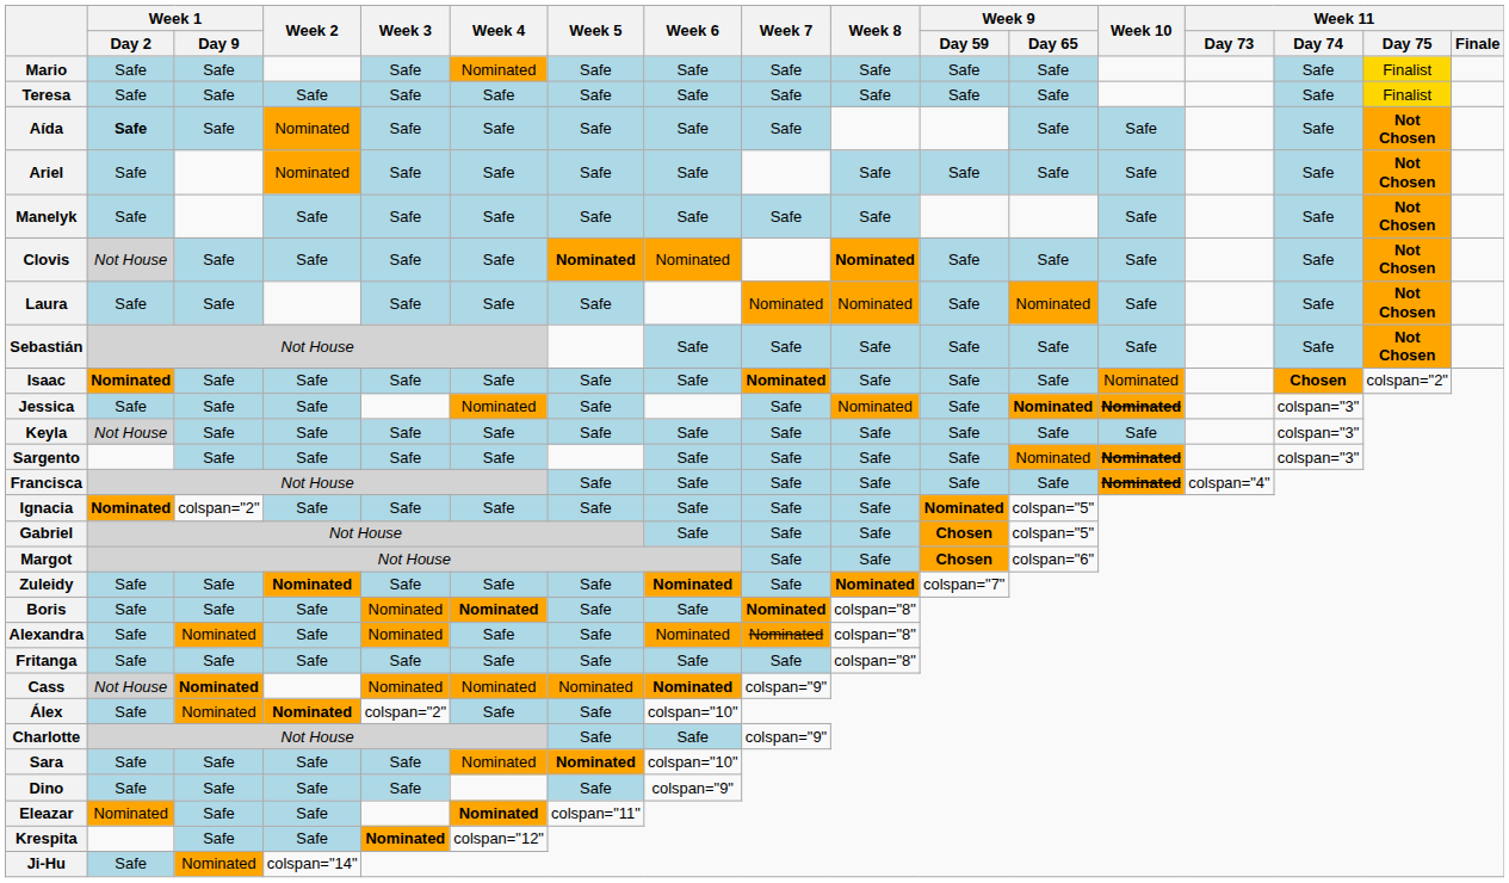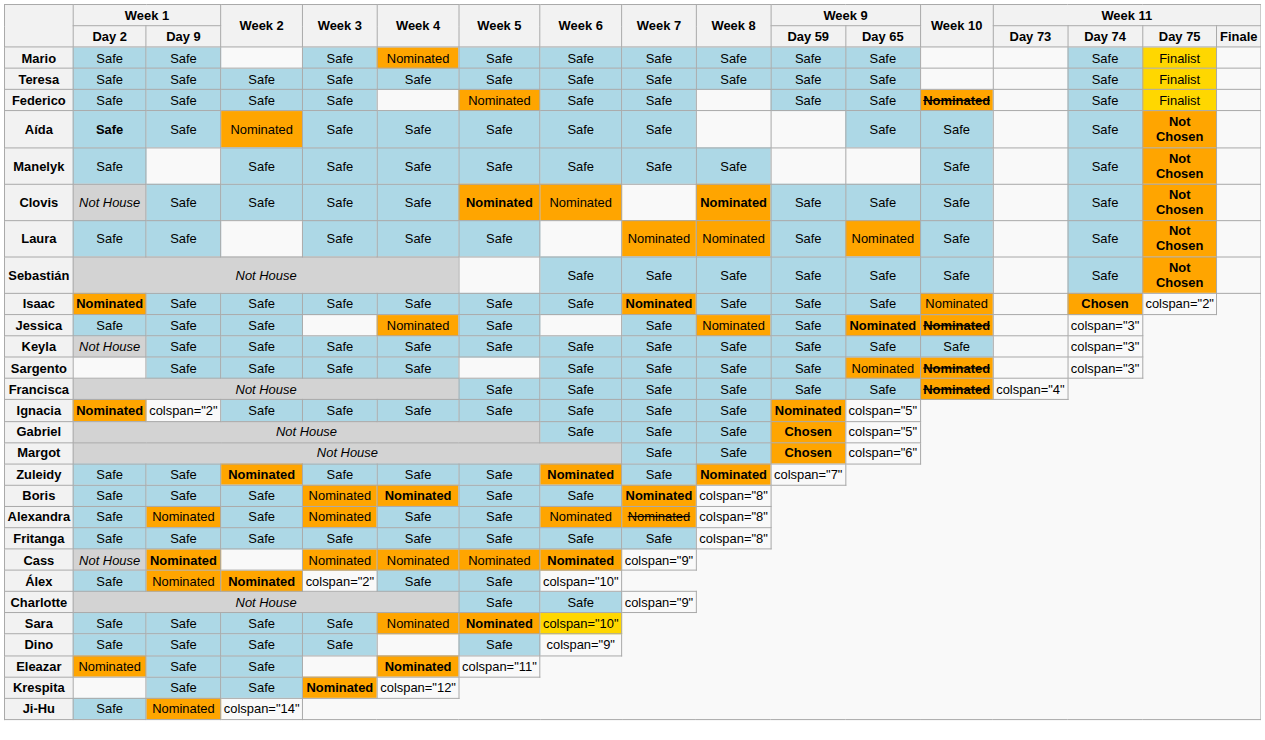 <table class="wikitable" style="text-align:center; font-size:80%; align:left;">
 <tr>
 <th rowspan="2"></th>
 <th colspan="2">Week 1</th>
 <th rowspan="2">Week 2</th>
 <th rowspan="2">Week 3</th>
 <th rowspan="2">Week 4</th>
 <th rowspan="2">Week 5</th>
 <th rowspan="2">Week 6</th>
 <th rowspan="2">Week 7</th>
 <th rowspan="2">Week 8</th>
 <th colspan="2">Week 9</th>
 <th rowspan="2">Week 10</th>
 <th colspan="4">Week 11</th>
 </tr>
 <tr>
 <th>Day 2</th>
 <th>Day 9</th>
 <th>Day 59</th>
 <th>Day 65</th>
 <th>Day 73</th>
 <th>Day 74</th>
 <th>Day 75</th>
 <th>Finale</th>
 </tr>
 <tr>
 <th>Mario</th>
 <td style="background: lightblue">Safe</td>
 <td style="background: lightblue">Safe</td>
 <td></td>
 <td style="background: lightblue">Safe</td>
 <td style="background: Orange">Nominated</td>
 <td style="background: lightblue">Safe</td>
 <td style="background: lightblue">Safe</td>
 <td style="background: lightblue">Safe</td>
 <td style="background: lightblue">Safe</td>
 <td style="background: lightblue">Safe</td>
 <td style="background: lightblue">Safe</td>
 <td></td>
 <td></td>
 <td style="background: lightblue">Safe</td>
 <td style="background: gold">Finalist</td>
 <td></td>
 </tr>
 <tr>
 <th>Teresa</th>
 <td style="background: lightblue">Safe</td>
 <td style="background: lightblue">Safe</td>
 <td style="background: lightblue">Safe</td>
 <td style="background: lightblue">Safe</td>
 <td style="background: lightblue">Safe</td>
 <td style="background: lightblue">Safe</td>
 <td style="background: lightblue">Safe</td>
 <td style="background: lightblue">Safe</td>
 <td style="background: lightblue">Safe</td>
 <td style="background: lightblue">Safe</td>
 <td style="background: lightblue">Safe</td>
 <td></td>
 <td></td>
 <td style="background: lightblue">Safe</td>
 <td style="background: gold">Finalist</td>
 <td></td>
 </tr>
 <tr>
+<th>Federico</th>
+<td style="background: lightblue">Safe</td>
+<td style="background: lightblue">Safe</td>
+<td style="background: lightblue">Safe</td>
+<td style="background: lightblue">Safe</td>
+<td></td>
+<td style="background: Orange">Nominated</td>
+<td style="background: lightblue">Safe</td>
+<td style="background: lightblue">Safe</td>
+<td></td>
+<td style="background: lightblue">Safe</td>
+<td style="background: lightblue">Safe</td>
+<td style="background: Orange"><s><strong>Nominated</strong></s></td>
+<td></td>
+<td style="background: lightblue">Safe</td>
+<td style="background: gold">Finalist</td>
+<td></td>
+</tr>
+<tr>
 <th>Aída</th>
 <td style="background: lightblue"><strong>Safe</strong></td>
 <td style="background: lightblue">Safe</td>
 <td style="background: Orange">Nominated</td>
 <td style="background: lightblue">Safe</td>
 <td style="background: lightblue">Safe</td>
 <td style="background: lightblue">Safe</td>
 <td style="background: lightblue">Safe</td>
 <td style="background: lightblue">Safe</td>
 <td></td>
 <td></td>
-<td style="background: lightblue">Safe</td>
-<td style="background: lightblue">Safe</td>
-<td></td>
-<td style="background: lightblue">Safe</td>
-<td style="background: Orange"><strong>Not Chosen</strong></td>
-<td></td>
-</tr>
-<tr>
-<th>Ariel</th>
-<td style="background: lightblue">Safe</td>
-<td></td>
-<td style="background: Orange">Nominated</td>
-<td style="background: lightblue">Safe</td>
-<td style="background: lightblue">Safe</td>
-<td style="background: lightblue">Safe</td>
-<td style="background: lightblue">Safe</td>
-<td></td>
-<td style="background: lightblue">Safe</td>
-<td style="background: lightblue">Safe</td>
 <td style="background: lightblue">Safe</td>
 <td style="background: lightblue">Safe</td>
 <td></td>
 <td style="background: lightblue">Safe</td>
 <td style="background: Orange"><strong>Not Chosen</strong></td>
 <td></td>
 </tr>
 <tr>
 <th>Manelyk</th>
 <td style="background: lightblue">Safe</td>
 <td></td>
 <td style="background: lightblue">Safe</td>
 <td style="background: lightblue">Safe</td>
 <td style="background: lightblue">Safe</td>
 <td style="background: lightblue">Safe</td>
 <td style="background: lightblue">Safe</td>
 <td style="background: lightblue">Safe</td>
 <td style="background: lightblue">Safe</td>
 <td></td>
 <td></td>
 <td style="background: lightblue">Safe</td>
 <td></td>
 <td style="background: lightblue">Safe</td>
 <td style="background: Orange"><strong>Not Chosen</strong></td>
 <td></td>
 </tr>
 <tr>
 <th>Clovis</th>
 <td bgcolor=lightgray><em>Not House</em></td>
 <td style="background: lightblue">Safe</td>
 <td style="background: lightblue">Safe</td>
 <td style="background: lightblue">Safe</td>
 <td style="background: lightblue">Safe</td>
 <td style="background: Orange"><strong>Nominated</strong></td>
 <td style="background: Orange">Nominated</td>
 <td></td>
 <td style="background: Orange"><strong>Nominated</strong></td>
 <td style="background: lightblue">Safe</td>
 <td style="background: lightblue">Safe</td>
 <td style="background: lightblue">Safe</td>
 <td></td>
 <td style="background: lightblue">Safe</td>
 <td style="background: Orange"><strong>Not Chosen</strong></td>
 <td></td>
 </tr>
 <tr>
 <th>Laura</th>
 <td style="background: lightblue">Safe</td>
 <td style="background: lightblue">Safe</td>
 <td></td>
 <td style="background: lightblue">Safe</td>
 <td style="background: lightblue">Safe</td>
 <td style="background: lightblue">Safe</td>
 <td></td>
 <td style="background: Orange">Nominated</td>
 <td style="background: Orange">Nominated</td>
 <td style="background: lightblue">Safe</td>
 <td style="background: Orange">Nominated</td>
 <td style="background: lightblue">Safe</td>
 <td></td>
 <td style="background: lightblue">Safe</td>
 <td style="background: Orange"><strong>Not Chosen</strong></td>
 <td></td>
 </tr>
 <tr>
 <th>Sebastián</th>
 <td colspan="5" bgcolor=lightgray><em>Not House</em></td>
 <td></td>
 <td style="background: lightblue">Safe</td>
 <td style="background: lightblue">Safe</td>
 <td style="background: lightblue">Safe</td>
 <td style="background: lightblue">Safe</td>
 <td style="background: lightblue">Safe</td>
 <td style="background: lightblue">Safe</td>
 <td></td>
 <td style="background: lightblue">Safe</td>
 <td style="background: Orange"><strong>Not Chosen</strong></td>
 <td></td>
 </tr>
 <tr>
 <th>Isaac</th>
 <td style="background: Orange"><strong>Nominated</strong></td>
 <td style="background: lightblue">Safe</td>
 <td style="background: lightblue">Safe</td>
 <td style="background: lightblue">Safe</td>
 <td style="background: lightblue">Safe</td>
 <td style="background: lightblue">Safe</td>
 <td style="background: lightblue">Safe</td>
 <td style="background: Orange"><strong>Nominated</strong></td>
 <td style="background: lightblue">Safe</td>
 <td style="background: lightblue">Safe</td>
 <td style="background: lightblue">Safe</td>
 <td style="background: Orange">Nominated</td>
 <td></td>
 <td style="background: Orange"><strong>Chosen</strong></td>
 <td>colspan="2" </td>
 </tr>
 <tr>
 <th>Jessica</th>
 <td style="background: lightblue">Safe</td>
 <td style="background: lightblue">Safe</td>
 <td style="background: lightblue">Safe</td>
 <td></td>
 <td style="background: Orange">Nominated</td>
 <td style="background: lightblue">Safe</td>
 <td></td>
 <td style="background: lightblue">Safe</td>
 <td style="background: Orange">Nominated</td>
 <td style="background: lightblue">Safe</td>
 <td style="background: Orange"><strong>Nominated</strong></td>
 <td style="background: Orange"><s><strong>Nominated</strong></s></td>
 <td></td>
 <td>colspan="3" </td>
 </tr>
 <tr>
 <th>Keyla</th>
 <td bgcolor=lightgray><em>Not House</em></td>
 <td style="background: lightblue">Safe</td>
 <td style="background: lightblue">Safe</td>
 <td style="background: lightblue">Safe</td>
 <td style="background: lightblue">Safe</td>
 <td style="background: lightblue">Safe</td>
 <td style="background: lightblue">Safe</td>
 <td style="background: lightblue">Safe</td>
 <td style="background: lightblue">Safe</td>
 <td style="background: lightblue">Safe</td>
 <td style="background: lightblue">Safe</td>
 <td style="background: lightblue">Safe</td>
 <td></td>
 <td>colspan="3" </td>
 </tr>
 <tr>
 <th>Sargento</th>
 <td></td>
 <td style="background: lightblue">Safe</td>
 <td style="background: lightblue">Safe</td>
 <td style="background: lightblue">Safe</td>
 <td style="background: lightblue">Safe</td>
 <td></td>
 <td style="background: lightblue">Safe</td>
 <td style="background: lightblue">Safe</td>
 <td style="background: lightblue">Safe</td>
 <td style="background: lightblue">Safe</td>
 <td style="background: Orange">Nominated</td>
 <td style="background: Orange"><s><strong>Nominated</strong></s></td>
 <td></td>
 <td>colspan="3" </td>
 </tr>
 <tr>
 <th>Francisca</th>
 <td colspan="5" bgcolor=lightgray><em>Not House</em></td>
 <td style="background: lightblue">Safe</td>
 <td style="background: lightblue">Safe</td>
 <td style="background: lightblue">Safe</td>
 <td style="background: lightblue">Safe</td>
 <td style="background: lightblue">Safe</td>
 <td style="background: lightblue">Safe</td>
 <td style="background: Orange"><s><strong>Nominated</strong></s></td>
 <td>colspan="4" </td>
 </tr>
 <tr>
 <th>Ignacia</th>
 <td style="background: Orange"><strong>Nominated</strong></td>
 <td>colspan="2" </td>
 <td style="background: lightblue">Safe</td>
 <td style="background: lightblue">Safe</td>
 <td style="background: lightblue">Safe</td>
 <td style="background: lightblue">Safe</td>
 <td style="background: lightblue">Safe</td>
 <td style="background: lightblue">Safe</td>
 <td style="background: lightblue">Safe</td>
 <td style="background: Orange"><strong>Nominated</strong></td>
 <td>colspan="5" </td>
 </tr>
 <tr>
 <th>Gabriel</th>
 <td colspan="6" bgcolor=lightgray><em>Not House</em></td>
 <td style="background: lightblue">Safe</td>
 <td style="background: lightblue">Safe</td>
 <td style="background: lightblue">Safe</td>
 <td style="background: Orange"><strong>Chosen</strong></td>
 <td>colspan="5" </td>
 </tr>
 <tr>
 <th>Margot</th>
 <td colspan="7" bgcolor=lightgray><em>Not House</em></td>
 <td style="background: lightblue">Safe</td>
 <td style="background: lightblue">Safe</td>
 <td style="background: Orange"><strong>Chosen</strong></td>
 <td>colspan="6" </td>
 </tr>
 <tr>
 <th>Zuleidy</th>
 <td style="background: lightblue">Safe</td>
 <td style="background: lightblue">Safe</td>
 <td style="background: Orange"><strong>Nominated</strong></td>
 <td style="background: lightblue">Safe</td>
 <td style="background: lightblue">Safe</td>
 <td style="background: lightblue">Safe</td>
 <td style="background: Orange"><strong>Nominated</strong></td>
 <td style="background: lightblue">Safe</td>
 <td style="background: Orange"><strong>Nominated</strong></td>
 <td>colspan="7" </td>
 </tr>
 <tr>
 <th>Boris</th>
 <td style="background: lightblue">Safe</td>
 <td style="background: lightblue">Safe</td>
 <td style="background: lightblue">Safe</td>
 <td style="background: Orange">Nominated</td>
 <td style="background: Orange"><strong>Nominated</strong></td>
 <td style="background: lightblue">Safe</td>
 <td style="background: lightblue">Safe</td>
 <td style="background: Orange"><strong>Nominated</strong></td>
 <td>colspan="8" </td>
 </tr>
 <tr>
 <th>Alexandra</th>
 <td style="background: lightblue">Safe</td>
 <td style="background: Orange">Nominated</td>
 <td style="background: lightblue">Safe</td>
 <td style="background: Orange">Nominated</td>
 <td style="background: lightblue">Safe</td>
 <td style="background: lightblue">Safe</td>
 <td style="background: Orange">Nominated</td>
 <td style="background: Orange"><s>Nominated</s></td>
 <td>colspan="8" </td>
 </tr>
 <tr>
 <th>Fritanga</th>
 <td style="background: lightblue">Safe</td>
 <td style="background: lightblue">Safe</td>
 <td style="background: lightblue">Safe</td>
 <td style="background: lightblue">Safe</td>
 <td style="background: lightblue">Safe</td>
 <td style="background: lightblue">Safe</td>
 <td style="background: lightblue">Safe</td>
 <td style="background: lightblue">Safe</td>
 <td>colspan="8" </td>
 </tr>
 <tr>
 <th>Cass</th>
 <td bgcolor=lightgray><em>Not House</em></td>
 <td style="background: Orange"><strong>Nominated</strong></td>
 <td></td>
 <td style="background: Orange">Nominated</td>
 <td style="background: Orange">Nominated</td>
 <td style="background: Orange">Nominated</td>
 <td style="background: Orange"><strong>Nominated</strong></td>
 <td>colspan="9" </td>
 </tr>
 <tr>
 <th>Álex</th>
 <td style="background: lightblue">Safe</td>
 <td style="background: Orange">Nominated</td>
 <td style="background: Orange"><strong>Nominated</strong></td>
 <td>colspan="2" </td>
 <td style="background: lightblue">Safe</td>
 <td style="background: lightblue">Safe</td>
 <td>colspan="10" </td>
 </tr>
 <tr>
 <th>Charlotte</th>
 <td colspan="5" bgcolor=lightgray><em>Not House</em></td>
 <td style="background: lightblue">Safe</td>
 <td style="background: lightblue">Safe</td>
 <td>colspan="9" </td>
 </tr>
 <tr>
 <th>Sara</th>
 <td style="background: lightblue">Safe</td>
 <td style="background: lightblue">Safe</td>
 <td style="background: lightblue">Safe</td>
 <td style="background: lightblue">Safe</td>
 <td style="background: Orange">Nominated</td>
 <td style="background: Orange"><strong>Nominated</strong></td>
-<td>colspan="10" </td>
+<td style="background: gold;">colspan="10" </td>
 </tr>
 <tr>
 <th>Dino</th>
 <td style="background: lightblue">Safe</td>
 <td style="background: lightblue">Safe</td>
 <td style="background: lightblue">Safe</td>
 <td style="background: lightblue">Safe</td>
 <td></td>
 <td style="background: lightblue">Safe</td>
 <td>colspan="9" </td>
 </tr>
 <tr>
 <th>Eleazar</th>
 <td style="background: Orange">Nominated</td>
 <td style="background: lightblue">Safe</td>
 <td style="background: lightblue">Safe</td>
 <td></td>
 <td style="background: Orange"><strong>Nominated</strong></td>
 <td>colspan="11" </td>
 </tr>
 <tr>
 <th>Krespita</th>
 <td></td>
 <td style="background: lightblue">Safe</td>
 <td style="background: lightblue">Safe</td>
 <td style="background: Orange"><strong>Nominated</strong></td>
 <td>colspan="12" </td>
 </tr>
 <tr>
 <th>Ji-Hu</th>
 <td style="background: lightblue">Safe</td>
 <td style="background: Orange">Nominated</td>
 <td>colspan="14" </td>
 </tr>
 </table>
